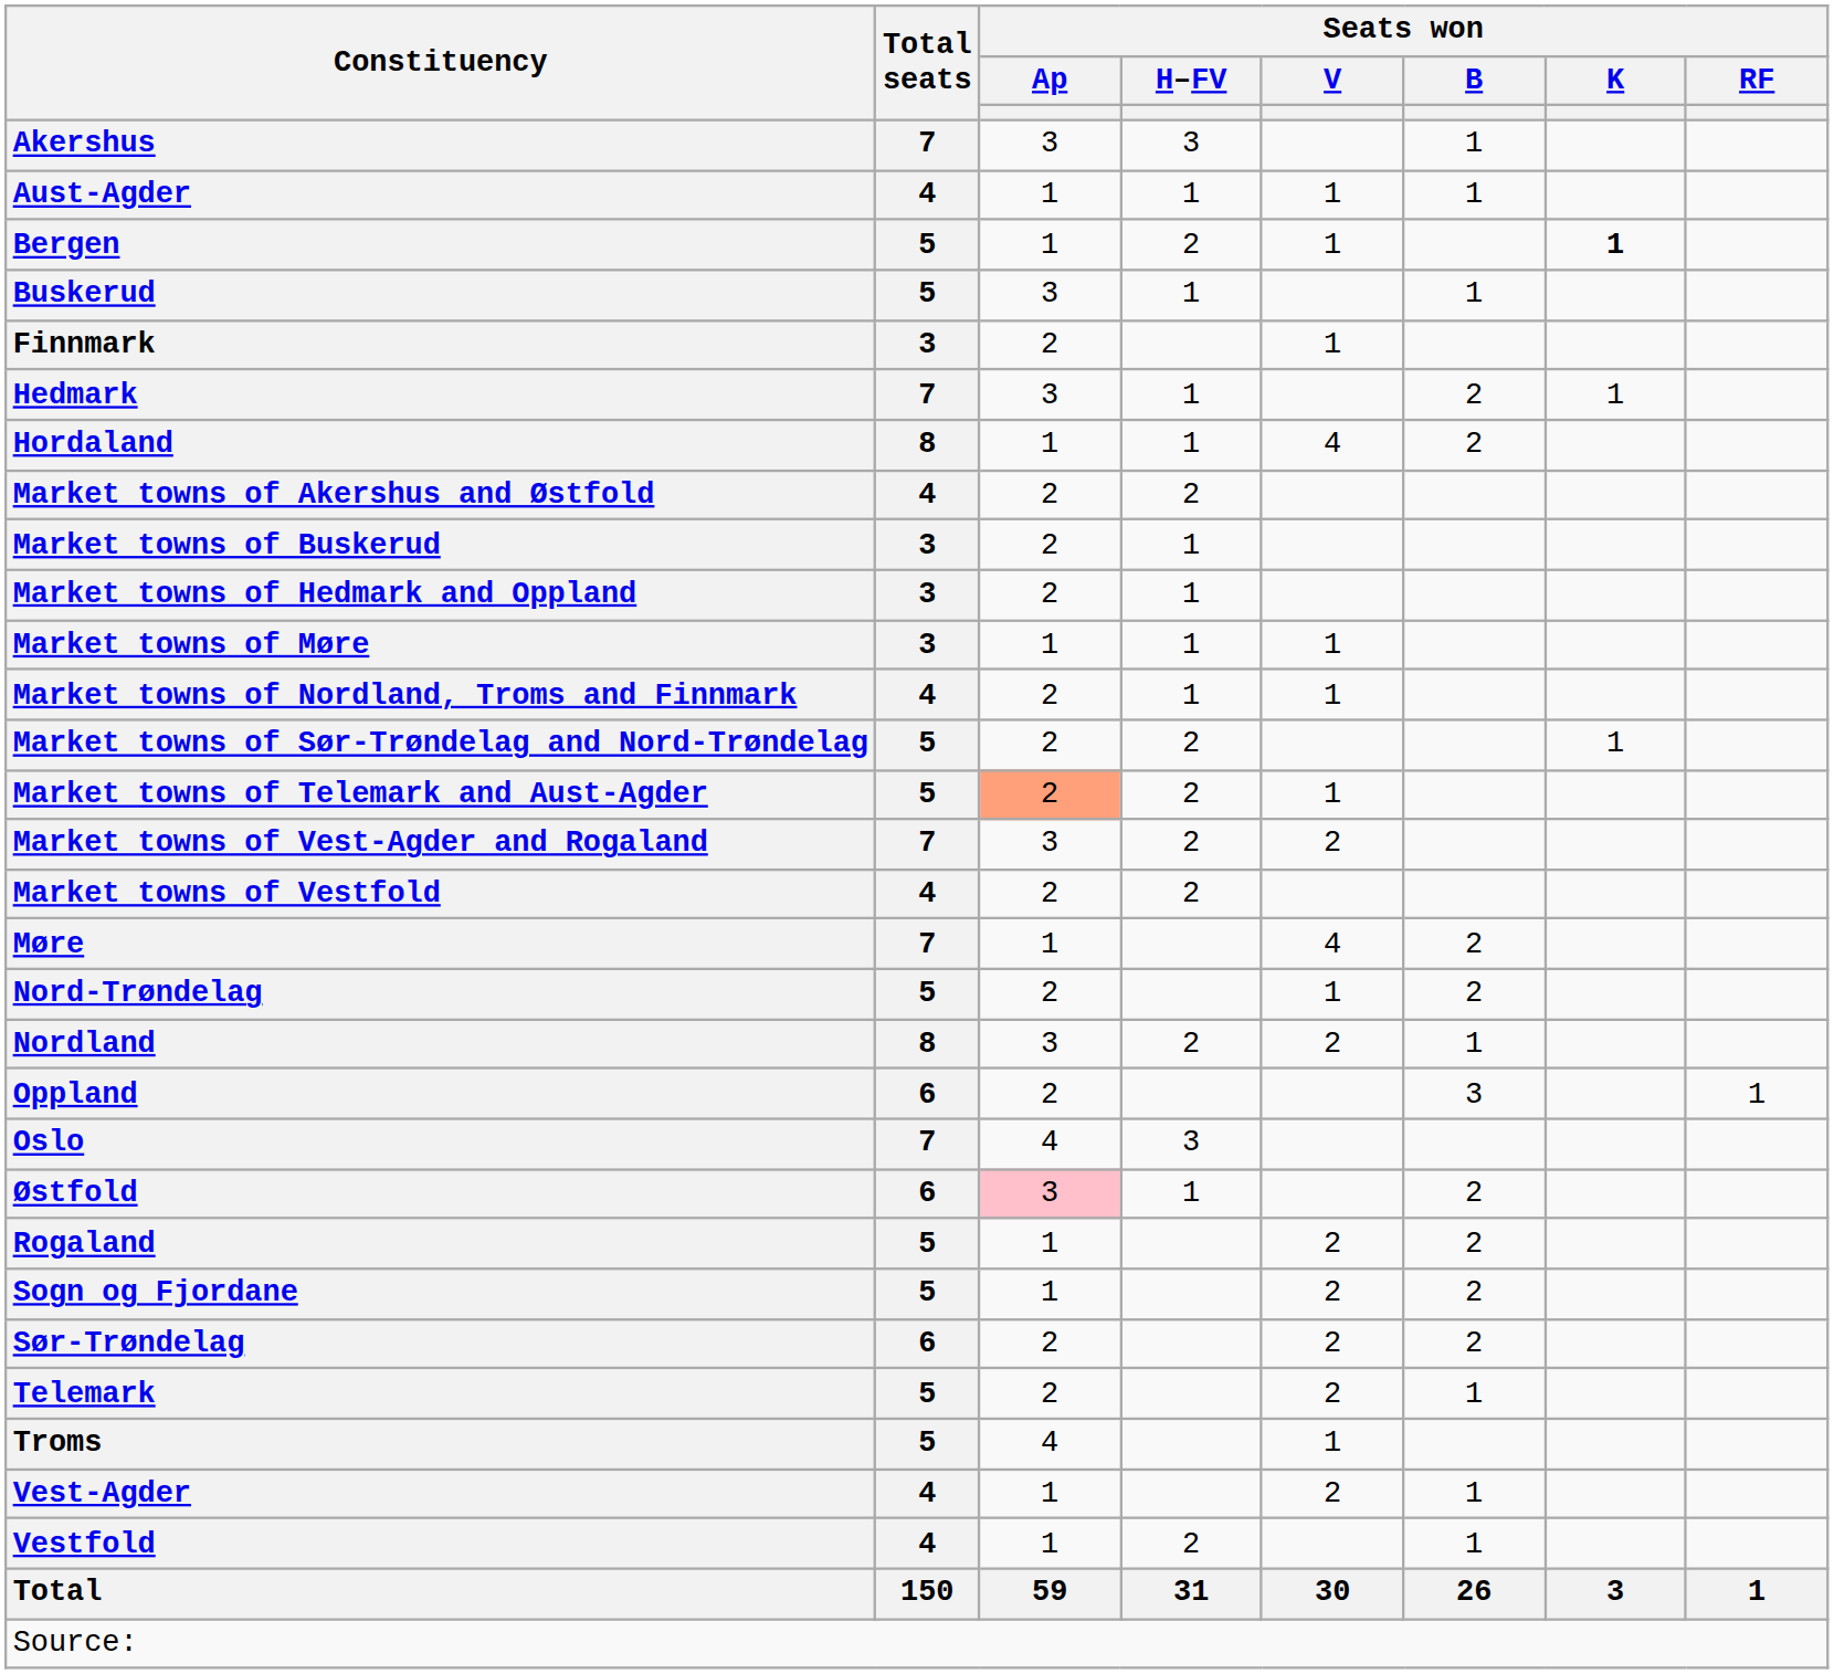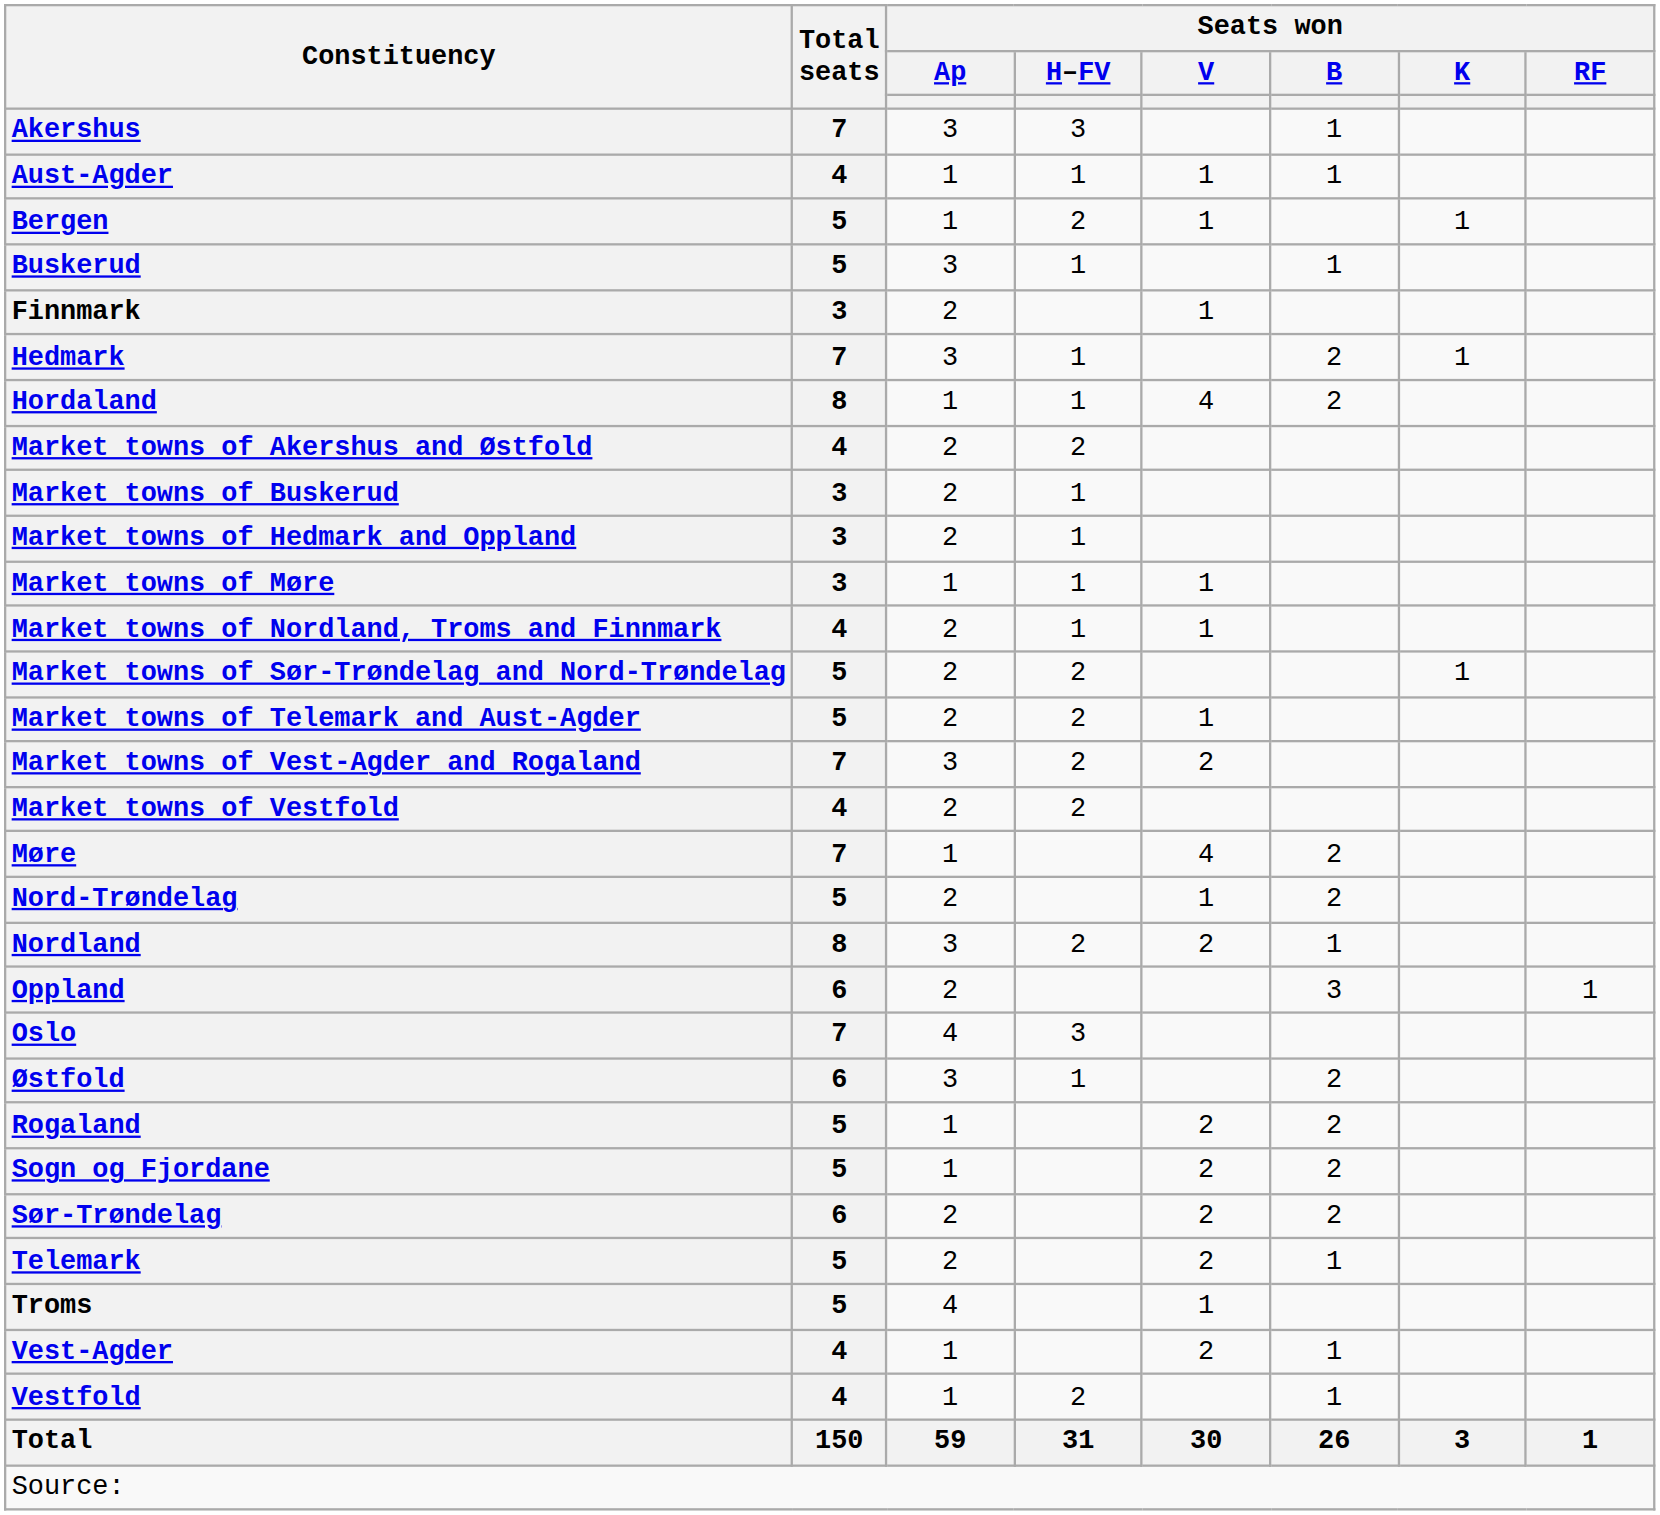 <table class="wikitable" style="text-align:center; font-size: 0.9em;">
 <tr>
 <th rowspan="3">Constituency</th>
 <th rowspan="3">Total<br>seats</th>
 <th colspan="6">Seats won</th>
 </tr>
 <tr>
 <th class="unsortable" style="width:50px;"><a href='#'>Ap</a></th>
 <th class="unsortable" style="width:50px;"><a href='#'>H</a>–<a href='#'>FV</a></th>
 <th class="unsortable" style="width:50px;"><a href='#'>V</a></th>
 <th class="unsortable" style="width:50px;"><a href='#'>B</a></th>
 <th class="unsortable" style="width:50px;"><a href='#'>K</a></th>
 <th class="unsortable" style="width:50px;"><a href='#'>RF</a></th>
 </tr>
 <tr>
 <th style="background:"></th>
 <th style="background:"></th>
 <th style="background:"></th>
 <th style="background:"></th>
 <th style="background:"></th>
 <th style="background:"></th>
 </tr>
 <tr>
 <th style="text-align: left;"><a href='#'>Akershus</a></th>
 <th>7</th>
 <td>3</td>
 <td>3</td>
 <td></td>
 <td>1</td>
 <td></td>
 <td></td>
 </tr>
 <tr>
 <th style="text-align: left;"><a href='#'>Aust-Agder</a></th>
 <th>4</th>
 <td>1</td>
 <td>1</td>
 <td>1</td>
 <td>1</td>
 <td></td>
 <td></td>
 </tr>
 <tr>
 <th style="text-align: left;"><a href='#'>Bergen</a></th>
 <th>5</th>
 <td>1</td>
 <td>2</td>
 <td>1</td>
 <td></td>
-<td><strong>1</strong></td>
+<td>1</td>
 <td></td>
 </tr>
 <tr>
 <th style="text-align: left;"><a href='#'>Buskerud</a></th>
 <th>5</th>
 <td>3</td>
 <td>1</td>
 <td></td>
 <td>1</td>
 <td></td>
 <td></td>
 </tr>
 <tr>
 <th style="text-align: left;">Finnmark</th>
 <th>3</th>
 <td>2</td>
 <td></td>
 <td>1</td>
 <td></td>
 <td></td>
 <td></td>
 </tr>
 <tr>
 <th style="text-align: left;"><a href='#'>Hedmark</a></th>
 <th>7</th>
 <td>3</td>
 <td>1</td>
 <td></td>
 <td>2</td>
 <td>1</td>
 <td></td>
 </tr>
 <tr>
 <th style="text-align: left;"><a href='#'>Hordaland</a></th>
 <th>8</th>
 <td>1</td>
 <td>1</td>
 <td>4</td>
 <td>2</td>
 <td></td>
 <td></td>
 </tr>
 <tr>
 <th style="text-align: left;"><a href='#'>Market towns of Akershus and Østfold</a></th>
 <th>4</th>
 <td>2</td>
 <td>2</td>
 <td></td>
 <td></td>
 <td></td>
 <td></td>
 </tr>
 <tr>
 <th style="text-align: left;"><a href='#'>Market towns of Buskerud</a></th>
 <th>3</th>
 <td>2</td>
 <td>1</td>
 <td></td>
 <td></td>
 <td></td>
 <td></td>
 </tr>
 <tr>
 <th style="text-align: left;"><a href='#'>Market towns of Hedmark and Oppland</a></th>
 <th>3</th>
 <td>2</td>
 <td>1</td>
 <td></td>
 <td></td>
 <td></td>
 <td></td>
 </tr>
 <tr>
 <th style="text-align: left;"><a href='#'>Market towns of Møre</a></th>
 <th>3</th>
 <td>1</td>
 <td>1</td>
 <td>1</td>
 <td></td>
 <td></td>
 <td></td>
 </tr>
 <tr>
 <th style="text-align: left;"><a href='#'>Market towns of Nordland, Troms and Finnmark</a></th>
 <th>4</th>
 <td>2</td>
 <td>1</td>
 <td>1</td>
 <td></td>
 <td></td>
 <td></td>
 </tr>
 <tr>
 <th style="text-align: left;"><a href='#'>Market towns of Sør-Trøndelag and Nord-Trøndelag</a></th>
 <th>5</th>
 <td>2</td>
 <td>2</td>
 <td></td>
 <td></td>
 <td>1</td>
 <td></td>
 </tr>
 <tr>
 <th style="text-align: left;"><a href='#'>Market towns of Telemark and Aust-Agder</a></th>
 <th>5</th>
-<td style="background: lightsalmon;">2</td>
+<td>2</td>
 <td>2</td>
 <td>1</td>
 <td></td>
 <td></td>
 <td></td>
 </tr>
 <tr>
 <th style="text-align: left;"><a href='#'>Market towns of Vest-Agder and Rogaland</a></th>
 <th>7</th>
 <td>3</td>
 <td>2</td>
 <td>2</td>
 <td></td>
 <td></td>
 <td></td>
 </tr>
 <tr>
 <th style="text-align: left;"><a href='#'>Market towns of Vestfold</a></th>
 <th>4</th>
 <td>2</td>
 <td>2</td>
 <td></td>
 <td></td>
 <td></td>
 <td></td>
 </tr>
 <tr>
 <th style="text-align: left;"><a href='#'>Møre</a></th>
 <th>7</th>
 <td>1</td>
 <td></td>
 <td>4</td>
 <td>2</td>
 <td></td>
 <td></td>
 </tr>
 <tr>
 <th style="text-align: left;"><a href='#'>Nord-Trøndelag</a></th>
 <th>5</th>
 <td>2</td>
 <td></td>
 <td>1</td>
 <td>2</td>
 <td></td>
 <td></td>
 </tr>
 <tr>
 <th style="text-align: left;"><a href='#'>Nordland</a></th>
 <th>8</th>
 <td>3</td>
 <td>2</td>
 <td>2</td>
 <td>1</td>
 <td></td>
 <td></td>
 </tr>
 <tr>
 <th style="text-align: left;"><a href='#'>Oppland</a></th>
 <th>6</th>
 <td>2</td>
 <td></td>
 <td></td>
 <td>3</td>
 <td></td>
 <td>1</td>
 </tr>
 <tr>
 <th style="text-align: left;"><a href='#'>Oslo</a></th>
 <th>7</th>
 <td>4</td>
 <td>3</td>
 <td></td>
 <td></td>
 <td></td>
 <td></td>
 </tr>
 <tr>
 <th style="text-align: left;"><a href='#'>Østfold</a></th>
 <th>6</th>
-<td style="background: pink;">3</td>
+<td>3</td>
 <td>1</td>
 <td></td>
 <td>2</td>
 <td></td>
 <td></td>
 </tr>
 <tr>
 <th style="text-align: left;"><a href='#'>Rogaland</a></th>
 <th>5</th>
 <td>1</td>
 <td></td>
 <td>2</td>
 <td>2</td>
 <td></td>
 <td></td>
 </tr>
 <tr>
 <th style="text-align: left;"><a href='#'>Sogn og Fjordane</a></th>
 <th>5</th>
 <td>1</td>
 <td></td>
 <td>2</td>
 <td>2</td>
 <td></td>
 <td></td>
 </tr>
 <tr>
 <th style="text-align: left;"><a href='#'>Sør-Trøndelag</a></th>
 <th>6</th>
 <td>2</td>
 <td></td>
 <td>2</td>
 <td>2</td>
 <td></td>
 <td></td>
 </tr>
 <tr>
 <th style="text-align: left;"><a href='#'>Telemark</a></th>
 <th>5</th>
 <td>2</td>
 <td></td>
 <td>2</td>
 <td>1</td>
 <td></td>
 <td></td>
 </tr>
 <tr>
 <th style="text-align: left;">Troms</th>
 <th>5</th>
 <td>4</td>
 <td></td>
 <td>1</td>
 <td></td>
 <td></td>
 <td></td>
 </tr>
 <tr>
 <th style="text-align: left;"><a href='#'>Vest-Agder</a></th>
 <th>4</th>
 <td>1</td>
 <td></td>
 <td>2</td>
 <td>1</td>
 <td></td>
 <td></td>
 </tr>
 <tr>
 <th style="text-align: left;"><a href='#'>Vestfold</a></th>
 <th>4</th>
 <td>1</td>
 <td>2</td>
 <td></td>
 <td>1</td>
 <td></td>
 <td></td>
 </tr>
 <tr>
 <th style="text-align: left;">Total</th>
 <th>150</th>
 <th>59</th>
 <th>31</th>
 <th>30</th>
 <th>26</th>
 <th>3</th>
 <th>1</th>
 </tr>
 <tr>
 <td align=left colspan=8>Source: </td>
 </tr>
 </table>
